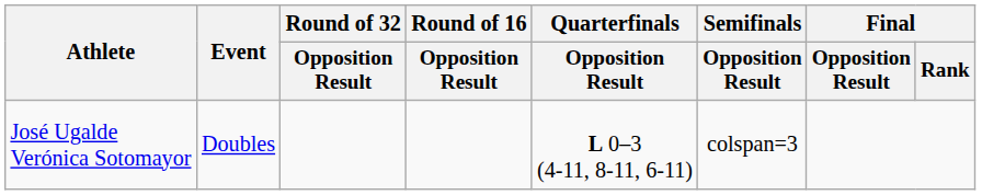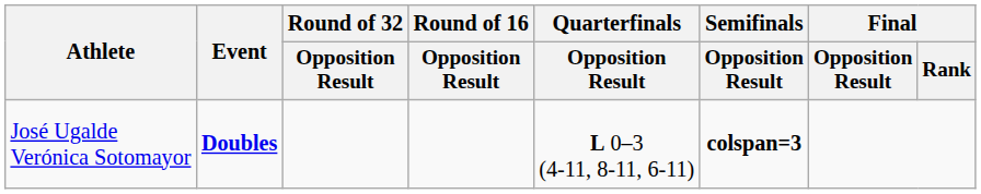 <table class=wikitable style=font-size:90%;text-align:center>
 <tr>
 <th rowspan=2>Athlete</th>
 <th rowspan=2>Event</th>
 <th>Round of 32</th>
 <th>Round of 16</th>
 <th>Quarterfinals</th>
 <th>Semifinals</th>
 <th colspan=2>Final</th>
 </tr>
 <tr style=font-size:95%>
 <th>Opposition<br>Result</th>
 <th>Opposition<br>Result</th>
 <th>Opposition<br>Result</th>
 <th>Opposition<br>Result</th>
 <th>Opposition<br>Result</th>
 <th>Rank</th>
 </tr>
 <tr align=center>
 <td align=left><a href='#'>José Ugalde</a> <br> <a href='#'>Verónica Sotomayor</a></td>
-<td align=left><a href='#'>Doubles</a></td>
+<td align=left><strong><a href='#'>Doubles</a></strong></td>
 <td></td>
 <td></td>
 <td><br><strong>L</strong> 0–3  <br> (4-11, 8-11, 6-11)</td>
-<td>colspan=3 </td>
+<td><strong>colspan=3 </strong></td>
 </tr>
 </table>
